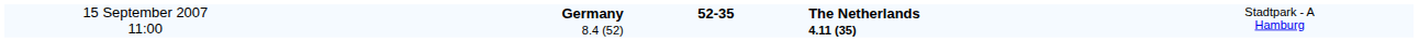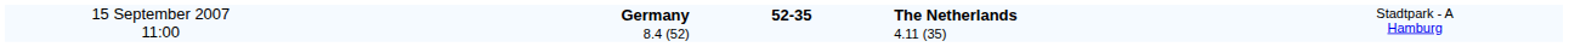 <table style="width: 100%; background:#F5FAFF;" cellspacing="0">
 <tr>
 <td align=center rowspan=3 width=20%>15 September 2007<br>11:00</td>
 </tr>
 <tr>
 <td width=24% align=right><strong>Germany</strong></td>
 <td align=center width=13%><strong>52-35</strong></td>
 <td width=24%><strong>The Netherlands</strong></td>
 <td style=font-size:85% rowspan=3 valign=top align=center>Stadtpark - A <br><a href='#'>Hamburg</a></td>
 </tr>
 <tr style=font-size:85%>
 <td align=right>8.4 (52)</td>
 <td align=center></td>
-<td><strong>4.11 (35)</strong></td>
+<td>4.11 (35)</td>
 </tr>
 </table>
